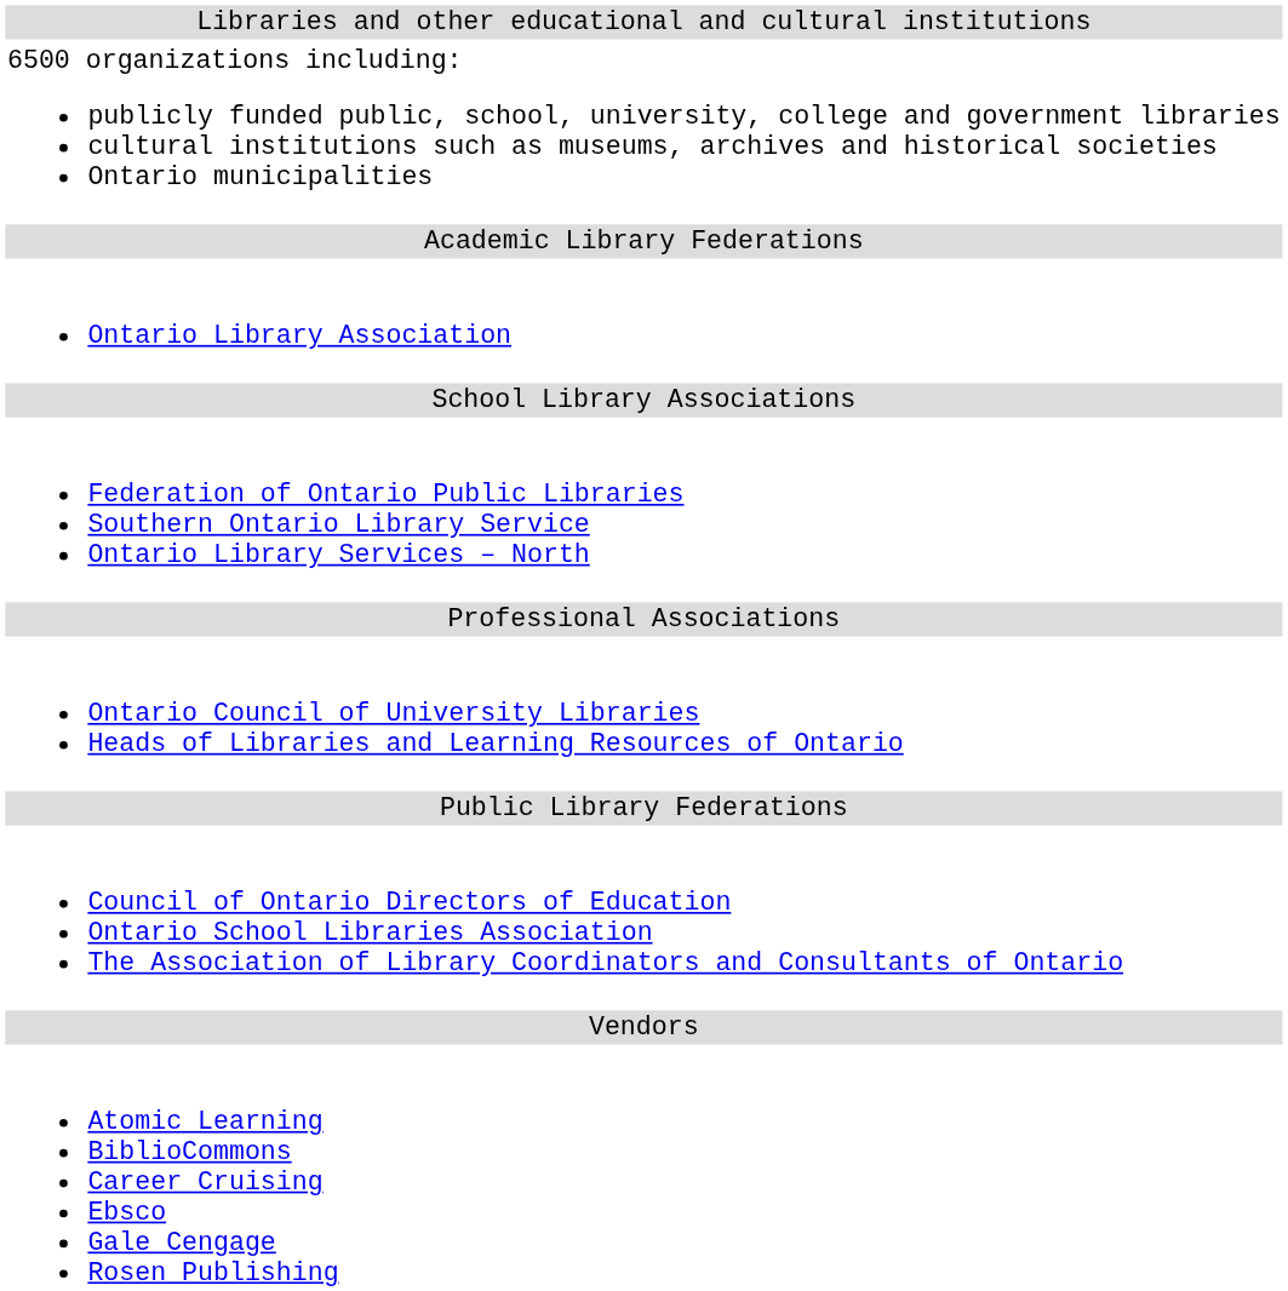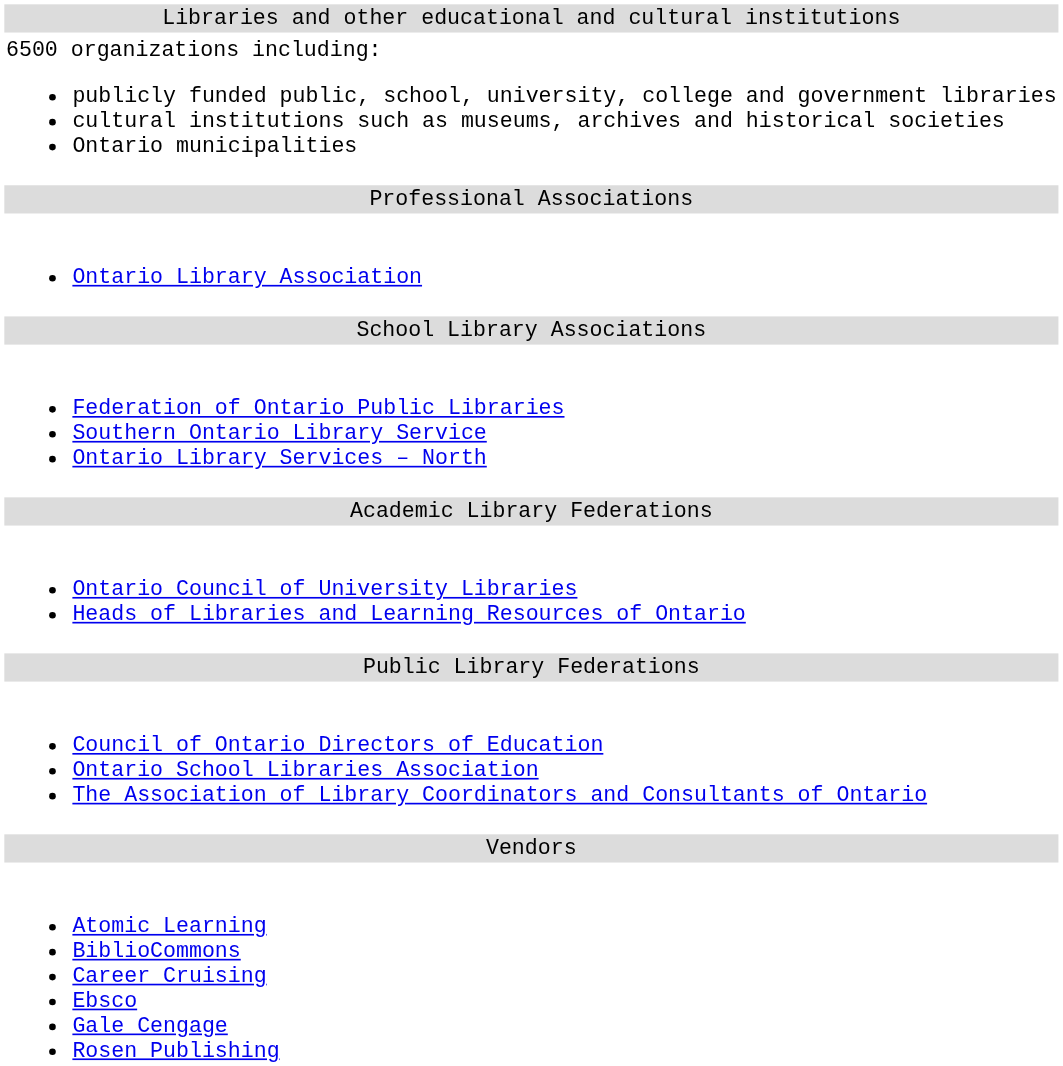 <table>
 <tr style="background-color:#DCDCDC;color:#000000; text-align: center">
 <td>Libraries and other educational and cultural institutions</td>
 </tr>
 <tr>
 <td>6500 organizations including:<br><ul><li>publicly funded public, school, university, college and government libraries</li><li>cultural institutions such as museums, archives and historical societies</li><li>Ontario municipalities</li></ul></td>
 </tr>
 <tr style="background-color:#DCDCDC;color:#000000; text-align: center">
-<td>Academic Library Federations</td>
+<td>Professional Associations</td>
 </tr>
 <tr>
 <td><br><ul><li><a href='#'>Ontario Library Association</a></li></ul></td>
 </tr>
 <tr style="background-color:#DCDCDC;color:#000000; text-align: center">
 <td>School Library Associations</td>
 </tr>
 <tr>
 <td><br><ul><li><a href='#'>Federation of Ontario Public Libraries</a></li><li><a href='#'>Southern Ontario Library Service</a></li><li><a href='#'>Ontario Library Services – North</a></li></ul></td>
 </tr>
 <tr style="background-color:#DCDCDC;color:#000000; text-align: center">
-<td>Professional Associations</td>
+<td>Academic Library Federations</td>
 </tr>
 <tr>
 <td><br><ul><li><a href='#'>Ontario Council of University Libraries</a></li><li><a href='#'>Heads of Libraries and Learning Resources of Ontario</a></li></ul></td>
 </tr>
 <tr style="background-color:#DCDCDC;color:#000000; text-align: center">
 <td>Public Library Federations</td>
 </tr>
 <tr>
 <td><br><ul><li><a href='#'>Council of Ontario Directors of Education</a></li><li><a href='#'>Ontario School Libraries Association</a></li><li><a href='#'>The Association of Library Coordinators and Consultants of Ontario</a></li></ul></td>
 </tr>
 <tr style="background-color:#DCDCDC;color:#000000; text-align: center">
 <td>Vendors</td>
 </tr>
 <tr>
 <td><br><ul><li><a href='#'>Atomic Learning</a></li><li><a href='#'>BiblioCommons</a></li><li><a href='#'>Career Cruising</a></li><li><a href='#'>Ebsco</a></li><li><a href='#'>Gale Cengage</a></li><li><a href='#'>Rosen Publishing</a></li></ul></td>
 </tr>
 </table>
